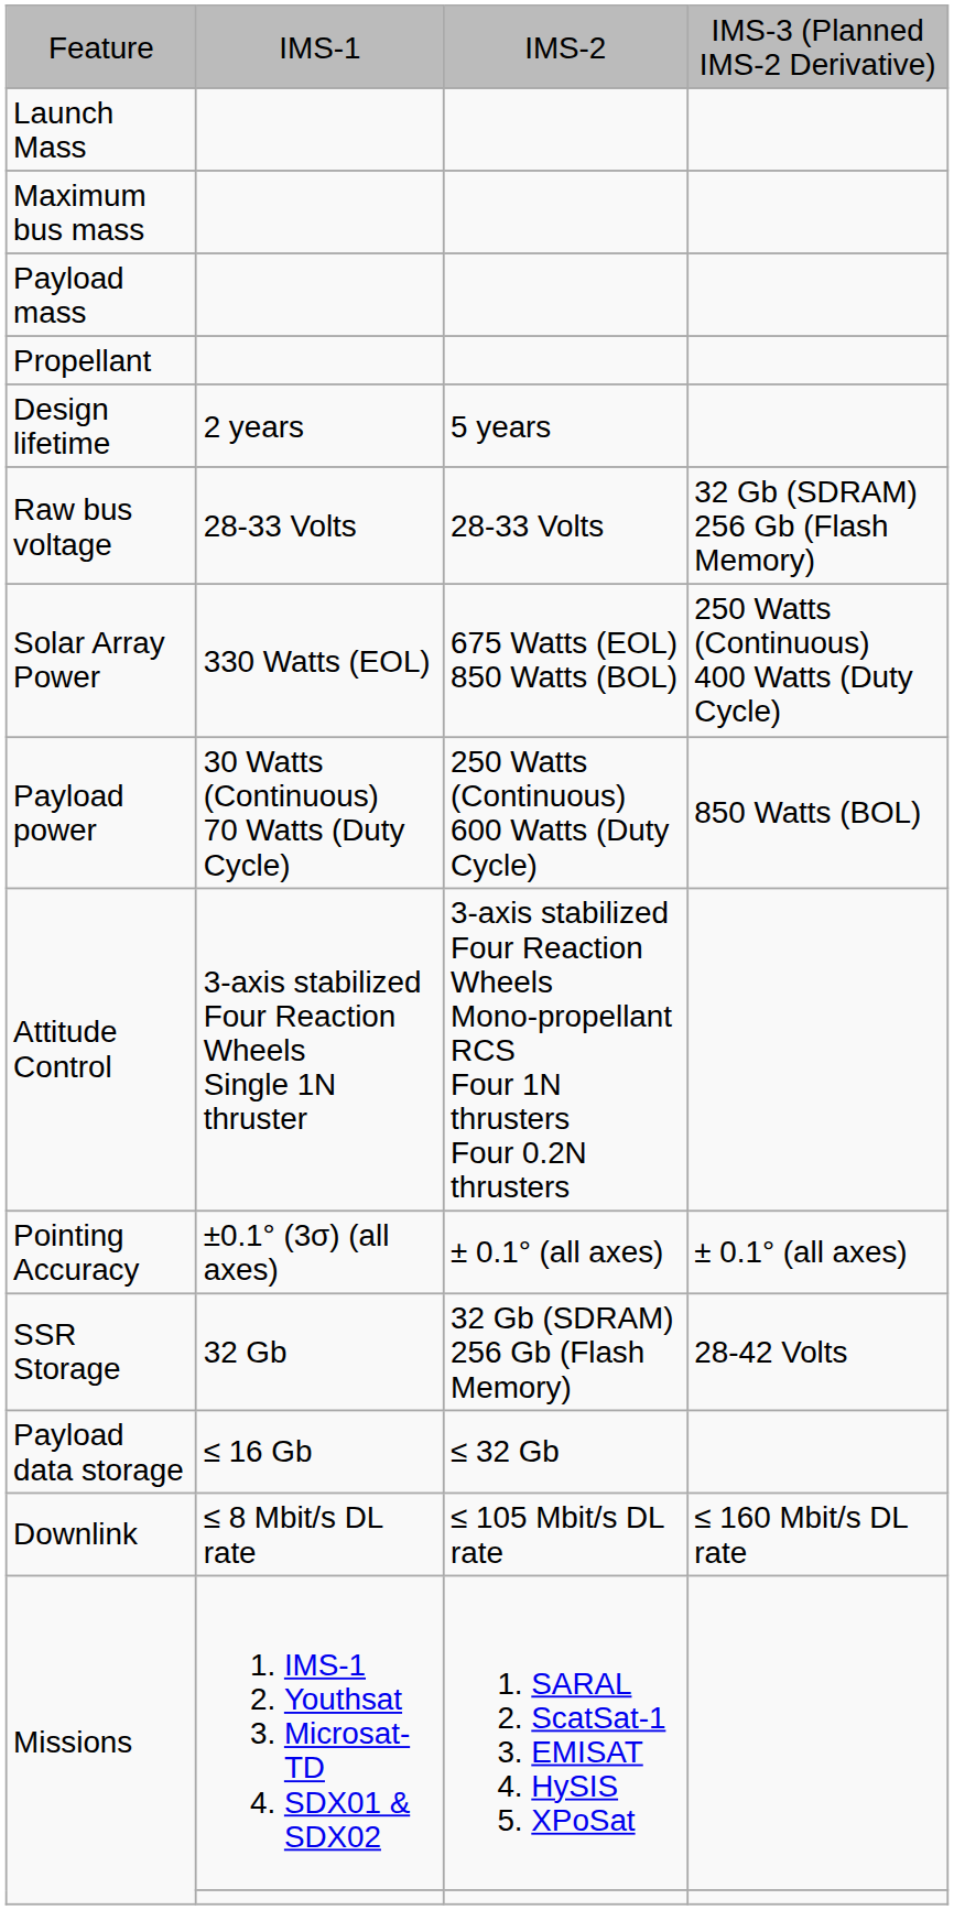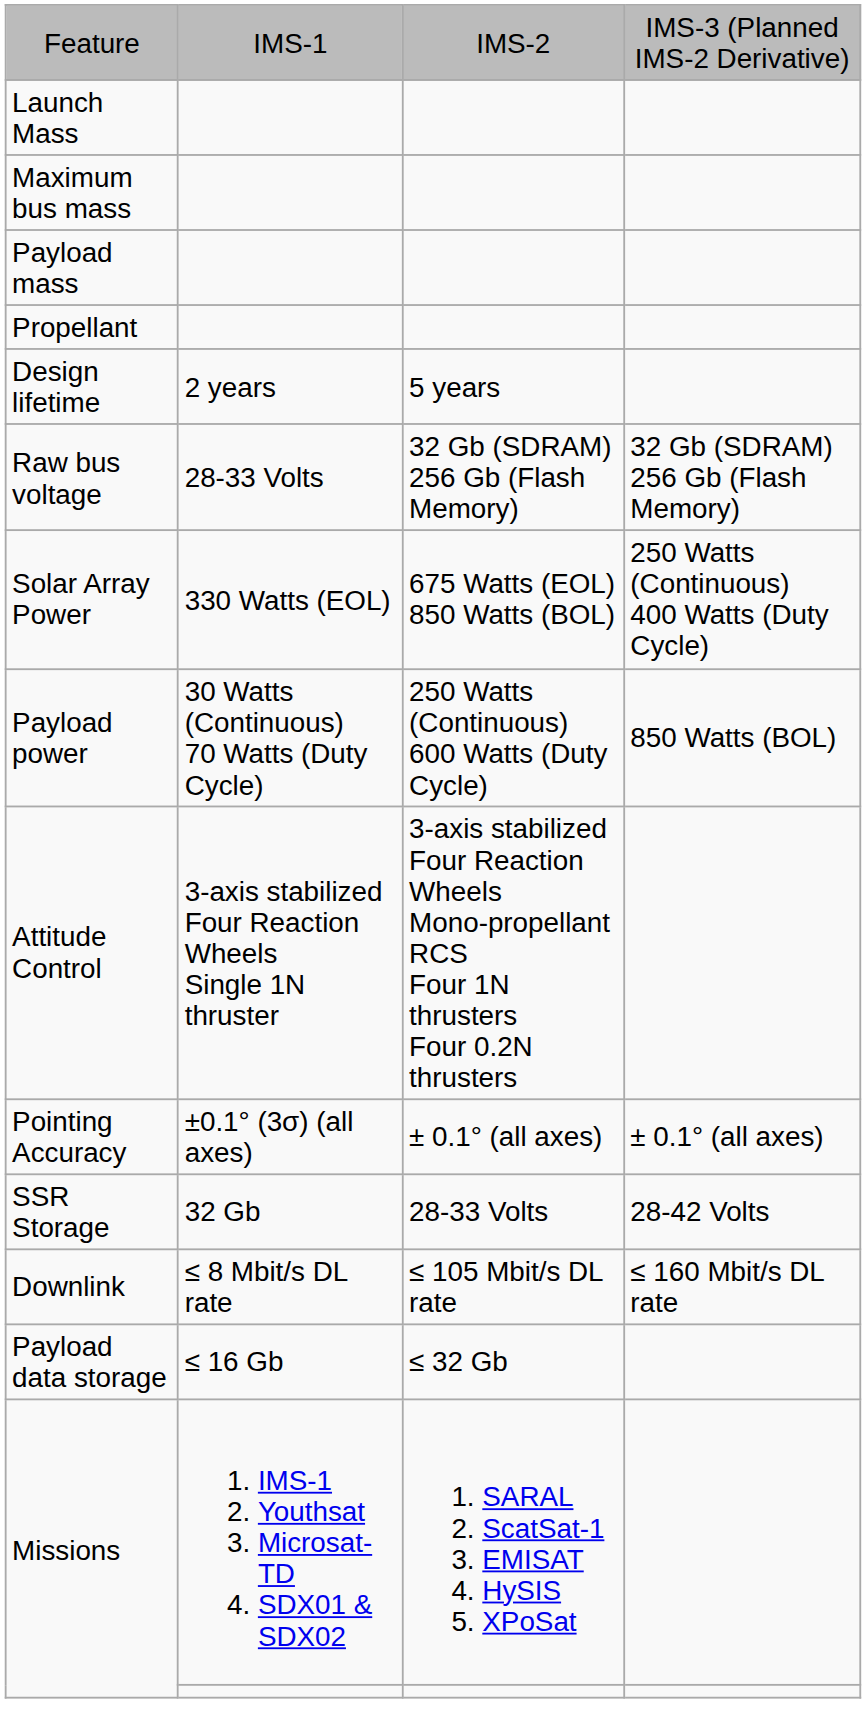 <table class="wikitable" style="margin: 1em auto 1em auto; width:75%; font-size:95%">
 <tr style="text-align:center; background:#BBB;">
 <td>Feature</td>
 <td>IMS-1</td>
 <td>IMS-2</td>
 <td>IMS-3 (Planned IMS-2 Derivative)</td>
 </tr>
 <tr>
 <td>Launch Mass</td>
 <td></td>
 <td></td>
 <td></td>
 </tr>
 <tr>
 <td>Maximum bus mass</td>
 <td></td>
 <td></td>
 <td></td>
 </tr>
 <tr>
 <td>Payload mass</td>
 <td></td>
 <td></td>
 <td></td>
 </tr>
 <tr>
 <td>Propellant</td>
 <td></td>
 <td></td>
 <td></td>
 </tr>
 <tr>
 <td>Design lifetime</td>
 <td>2 years</td>
 <td>5 years</td>
 <td></td>
 </tr>
 <tr>
 <td>Raw bus voltage</td>
 <td>28-33 Volts</td>
-<td>28-33 Volts</td>
+<td>32 Gb (SDRAM)<br>256 Gb (Flash Memory)</td>
 <td>32 Gb (SDRAM)<br>256 Gb (Flash Memory)</td>
 </tr>
 <tr>
 <td>Solar Array Power</td>
 <td>330 Watts (EOL)</td>
 <td>675 Watts (EOL)<br>850 Watts (BOL)</td>
 <td>250 Watts (Continuous)<br>400 Watts (Duty Cycle)</td>
 </tr>
 <tr>
 <td>Payload power</td>
 <td>30 Watts (Continuous)<br>70 Watts (Duty Cycle)</td>
 <td>250 Watts (Continuous)<br>600 Watts (Duty Cycle)</td>
 <td>850 Watts (BOL)</td>
 </tr>
 <tr>
 <td>Attitude Control</td>
 <td>3-axis stabilized<br>Four Reaction Wheels<br>Single 1N thruster</td>
 <td>3-axis stabilized<br>Four Reaction Wheels<br>Mono-propellant RCS<br>Four 1N thrusters<br>Four 0.2N thrusters</td>
 <td></td>
 </tr>
 <tr>
 <td>Pointing Accuracy</td>
 <td>±0.1° (3σ) (all axes)</td>
 <td>± 0.1° (all axes)</td>
 <td>± 0.1° (all axes)</td>
 </tr>
 <tr>
 <td>SSR Storage</td>
 <td>32 Gb</td>
-<td>32 Gb (SDRAM)<br>256 Gb (Flash Memory)</td>
+<td>28-33 Volts</td>
 <td>28-42 Volts</td>
+</tr>
+<tr>
+<td>Downlink</td>
+<td>≤ 8 Mbit/s DL rate</td>
+<td>≤ 105 Mbit/s DL rate</td>
+<td>≤ 160 Mbit/s DL rate</td>
 </tr>
 <tr>
 <td>Payload data storage</td>
 <td>≤ 16 Gb</td>
 <td>≤ 32 Gb</td>
 <td></td>
-</tr>
-<tr>
-<td>Downlink</td>
-<td>≤ 8 Mbit/s DL rate</td>
-<td>≤ 105 Mbit/s DL rate</td>
-<td>≤ 160 Mbit/s DL rate</td>
 </tr>
 <tr>
 <td rowspan="2">Missions</td>
 <td><br><ol><li><a href='#'>IMS-1</a></li><li><a href='#'>Youthsat</a></li><li><a href='#'>Microsat-TD</a></li><li><a href='#'>SDX01 & SDX02</a></li></ol></td>
 <td><br><ol><li><a href='#'>SARAL</a></li><li><a href='#'>ScatSat-1</a></li><li><a href='#'>EMISAT</a></li><li><a href='#'>HySIS</a></li><li><a href='#'>XPoSat</a></li></ol></td>
 <td></td>
 </tr>
 <tr>
 <td></td>
 <td></td>
 <td></td>
 </tr>
 </table>
